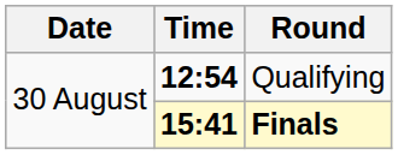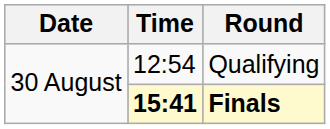 <table class="wikitable">
 <tr>
 <th>Date</th>
 <th>Time</th>
 <th>Round</th>
 </tr>
 <tr>
 <td rowspan=2>30 August</td>
-<td><strong>12:54</strong></td>
+<td>12:54</td>
 <td>Qualifying</td>
 </tr>
 <tr style="background:lemonchiffon">
 <td><strong>15:41</strong></td>
 <td><strong>Finals</strong></td>
 </tr>
 </table>
